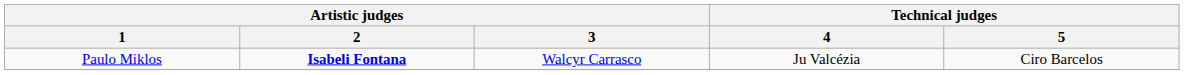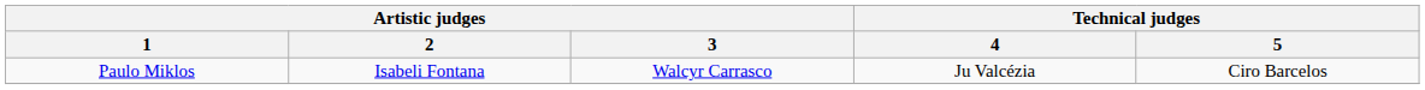 <table class="wikitable" style="font-size:100%; line-height:16px; text-align:center" width="100%">
 <tr>
 <th colspan=3>Artistic judges</th>
 <th colspan=2>Technical judges</th>
 </tr>
 <tr>
 <th width="20.0%">1</th>
 <th width="20.0%">2</th>
 <th width="20.0%">3</th>
 <th width="20.0%">4</th>
 <th width="20.0%">5</th>
 </tr>
 <tr>
 <td><a href='#'>Paulo Miklos</a></td>
-<td><strong><a href='#'>Isabeli Fontana</a></strong></td>
+<td><a href='#'>Isabeli Fontana</a></td>
 <td><a href='#'>Walcyr Carrasco</a></td>
 <td>Ju Valcézia</td>
 <td>Ciro Barcelos</td>
 </tr>
 <tr>
 </tr>
 </table>
